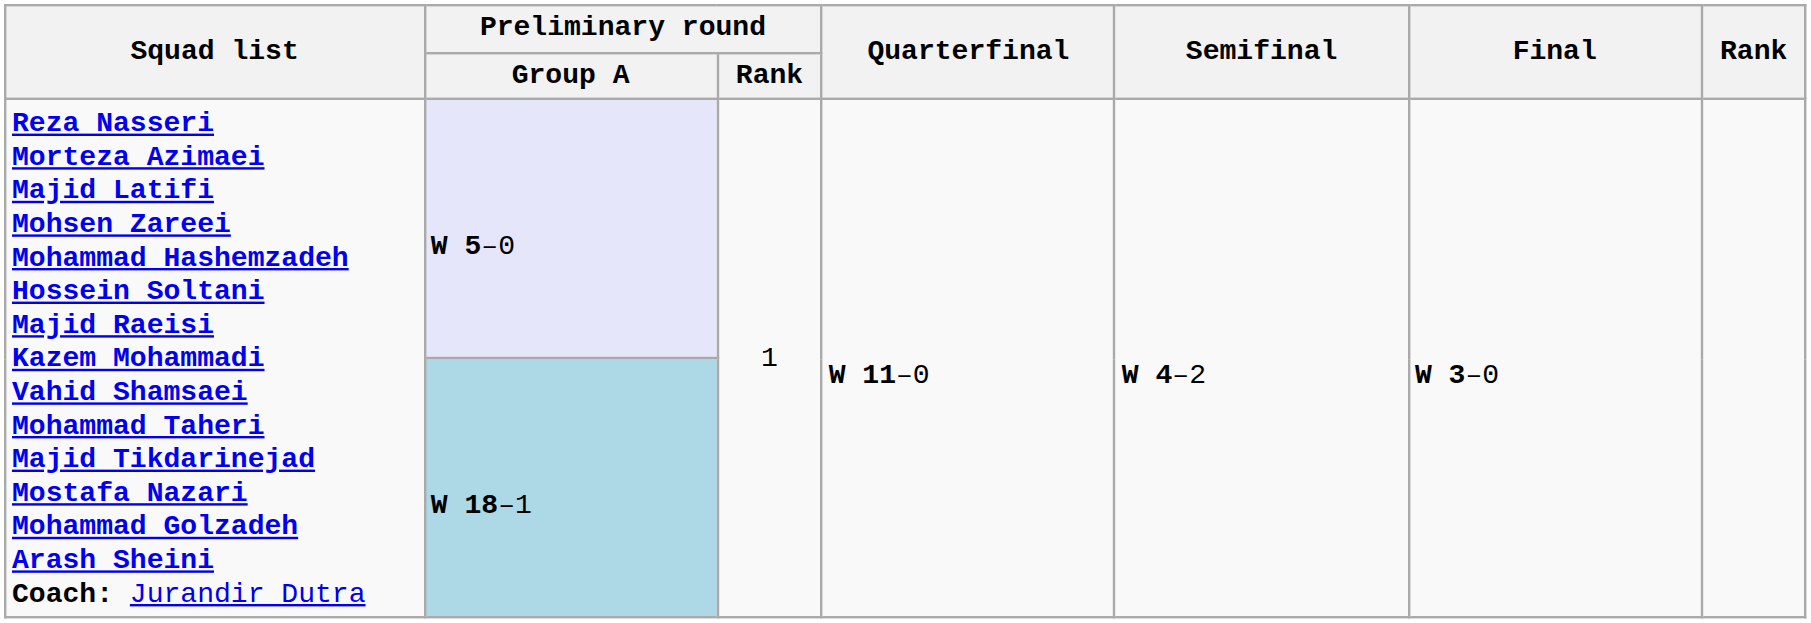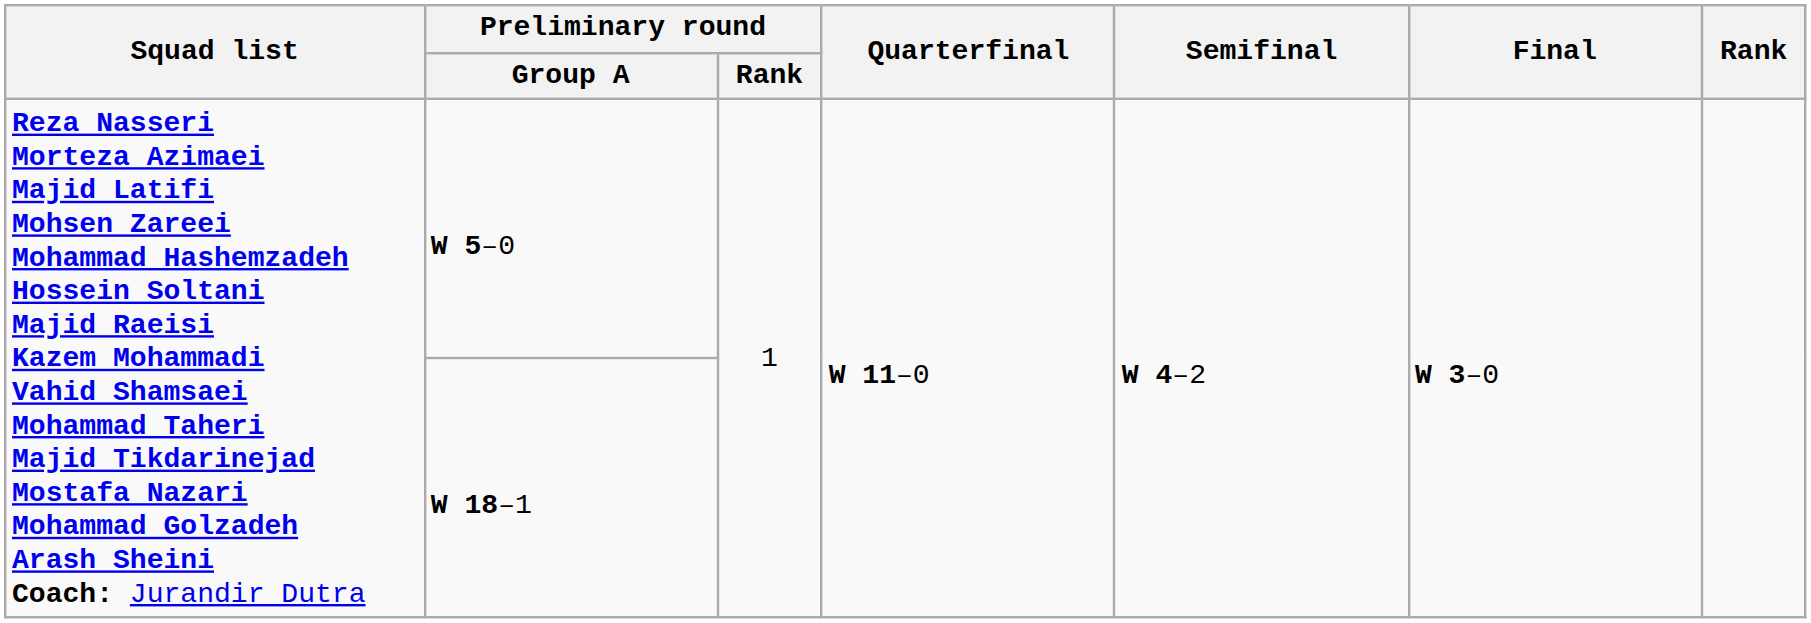 <table class="wikitable" width="85%" style="text-align:left; font-size:90%">
 <tr>
 <th rowspan="2" width="20%">Squad list</th>
 <th colspan="2">Preliminary round</th>
 <th rowspan="2" width="14%">Quarterfinal</th>
 <th rowspan="2" width="14%">Semifinal</th>
 <th rowspan="2" width="14%">Final</th>
 <th rowspan="2" width="5%">Rank</th>
 </tr>
 <tr>
 <th width="14%">Group A</th>
 <th width="5%">Rank</th>
 </tr>
 <tr>
 <td rowspan="2"><strong><a href='#'>Reza Nasseri</a><br><a href='#'>Morteza Azimaei</a><br><a href='#'>Majid Latifi</a><br><a href='#'>Mohsen Zareei</a><br><a href='#'>Mohammad Hashemzadeh</a><br><a href='#'>Hossein Soltani</a><br><a href='#'>Majid Raeisi</a><br><a href='#'>Kazem Mohammadi</a><br><a href='#'>Vahid Shamsaei</a><br><a href='#'>Mohammad Taheri</a><br><a href='#'>Majid Tikdarinejad</a><br><a href='#'>Mostafa Nazari</a><br><a href='#'>Mohammad Golzadeh</a><br><a href='#'>Arash Sheini</a><br> Coach:</strong>  <a href='#'>Jurandir Dutra</a></td>
-<td style="background: lavender;"><br><strong>W</strong> <strong>5</strong>–0</td>
+<td><br><strong>W</strong> <strong>5</strong>–0</td>
 <td rowspan="2" align=center>1 <strong></strong></td>
 <td rowspan="2"><br><strong>W</strong> <strong>11</strong>–0</td>
 <td rowspan="2"><br><strong>W</strong> <strong>4</strong>–2</td>
 <td rowspan="2"><br><strong>W</strong> <strong>3</strong>–0</td>
 <td rowspan="2" align="center"></td>
 </tr>
 <tr>
-<td style="background: lightblue;"><br><strong>W</strong> <strong>18</strong>–1</td>
+<td><br><strong>W</strong> <strong>18</strong>–1</td>
 </tr>
 </table>
